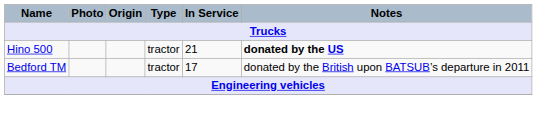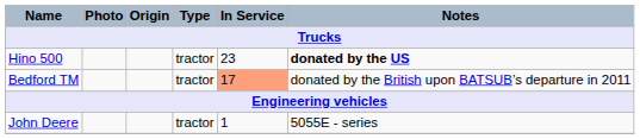 <table class="wikitable">
 <tr>
 <th style="text-align:center; background:#aabccc;">Name</th>
 <th style="text-align:center; background:#aabccc;">Photo</th>
 <th style="text-align: center; background:#aabccc;">Origin</th>
 <th style="text-align:l center! ; background:#aabccc;">Type</th>
 <th style="text-align:l center; background:#aabccc;">In Service</th>
 <th style="text-align: center; background:#aabccc;">Notes</th>
 </tr>
 <tr>
 <th style="align: center; background: lavender;" colspan="6"><a href='#'>Trucks</a></th>
 </tr>
 <tr>
 <td><a href='#'>Hino 500</a></td>
 <td></td>
 <td></td>
 <td>tractor</td>
-<td>21</td>
+<td>23</td>
 <td><strong>donated by the <a href='#'>US</a></strong></td>
 </tr>
 <tr>
 <td><a href='#'>Bedford TM</a></td>
 <td></td>
 <td></td>
 <td>tractor</td>
-<td>17</td>
+<td style="background: lightsalmon;">17</td>
 <td>donated by the <a href='#'>British</a> upon <a href='#'>BATSUB</a>’s departure in 2011</td>
 </tr>
 <tr>
 <th style="align: center; background: lavender;" colspan="6"><a href='#'>Engineering vehicles</a></th>
 </tr>
 <tr>
+<td><a href='#'>John Deere </a></td>
+<td></td>
+<td></td>
+<td>tractor</td>
+<td>1</td>
+<td>5055E - series</td>
+</tr>
+<tr>
 </tr>
 </table>
